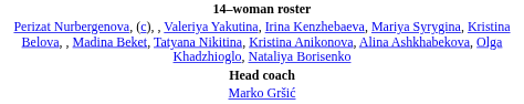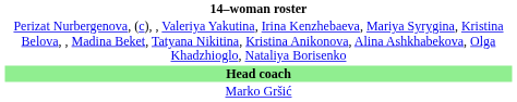 <table style="text-align:center; margin-top:2em; margin-left:auto; margin-right:auto">
 <tr>
 <td><strong>14–woman roster</strong></td>
 </tr>
 <tr>
 <td><a href='#'>Perizat Nurbergenova</a>,  (<a href='#'>c</a>), , <a href='#'>Valeriya Yakutina</a>, <a href='#'>Irina Kenzhebaeva</a>, <a href='#'>Mariya Syrygina</a>, <a href='#'>Kristina Belova</a>, , <a href='#'>Madina Beket</a>, <a href='#'>Tatyana Nikitina</a>, <a href='#'>Kristina Anikonova</a>, <a href='#'>Alina Ashkhabekova</a>, <a href='#'>Olga Khadzhioglo</a>, <a href='#'>Nataliya Borisenko</a></td>
 </tr>
 <tr>
-<td><strong>Head coach</strong></td>
+<td style="background: lightgreen;"><strong>Head coach</strong></td>
 </tr>
 <tr>
 <td> <a href='#'>Marko Gršić</a></td>
 </tr>
 </table>
